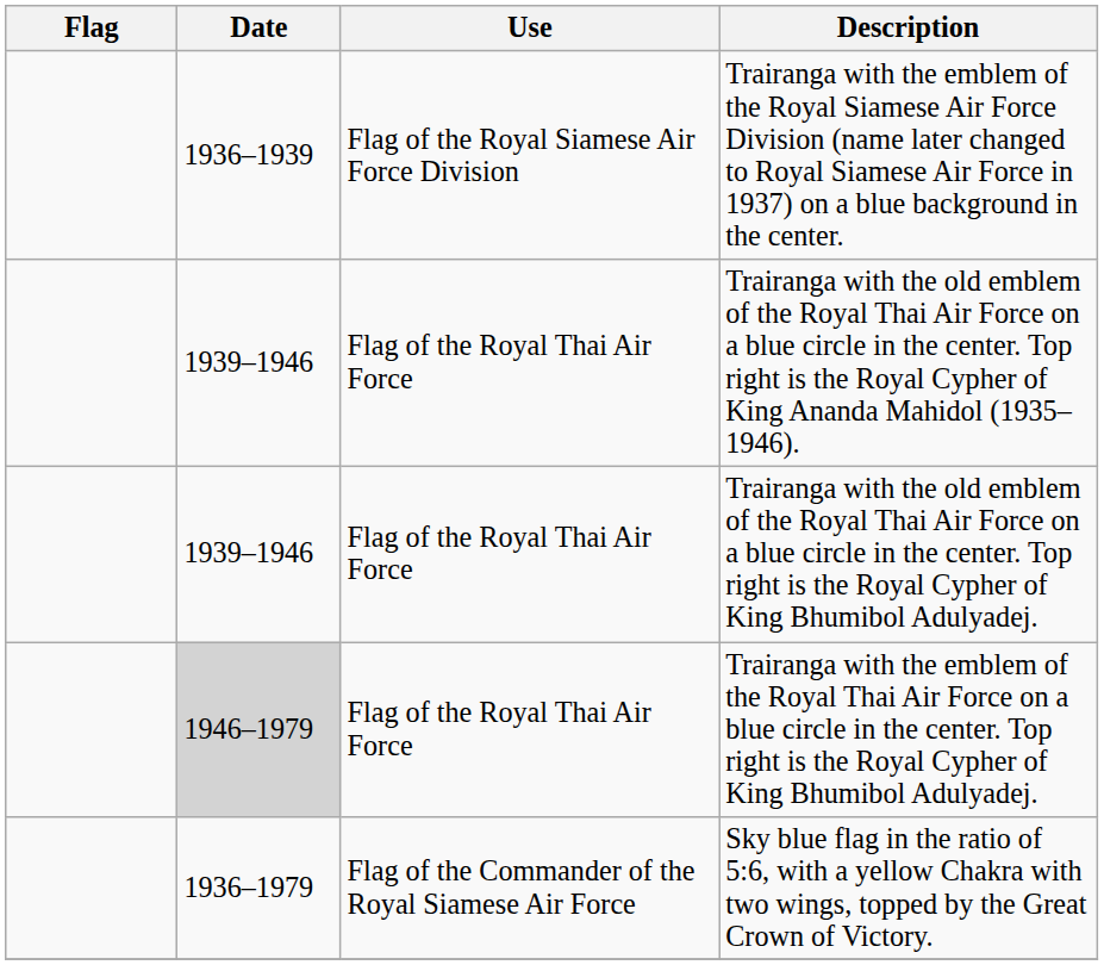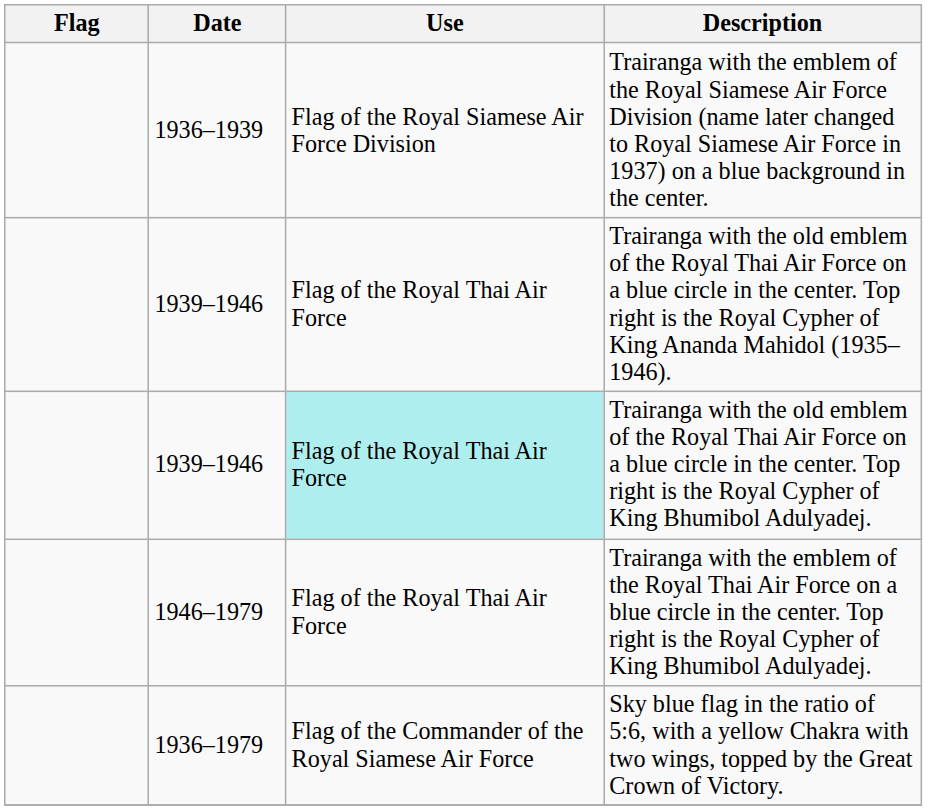 <table class="wikitable">
 <tr>
 <th width="110">Flag</th>
 <th width="100">Date</th>
 <th width="250">Use</th>
 <th width="250">Description</th>
 </tr>
 <tr>
 <td></td>
 <td>1936–1939</td>
 <td>Flag of the Royal Siamese Air Force Division</td>
 <td>Trairanga with the emblem of the Royal Siamese Air Force Division (name later changed to Royal Siamese Air Force in 1937) on a blue background in the center.</td>
 </tr>
 <tr>
 <td></td>
 <td>1939–1946</td>
 <td>Flag of the Royal Thai Air Force</td>
 <td>Trairanga with the old emblem of the Royal Thai Air Force on a blue circle in the center. Top right is the Royal Cypher of King Ananda Mahidol (1935–1946).</td>
 </tr>
 <tr>
 <td></td>
 <td>1939–1946</td>
-<td>Flag of the Royal Thai Air Force</td>
+<td style="background: paleturquoise;">Flag of the Royal Thai Air Force</td>
 <td>Trairanga with the old emblem of the Royal Thai Air Force on a blue circle in the center. Top right is the Royal Cypher of King Bhumibol Adulyadej.</td>
 </tr>
 <tr>
 <td></td>
-<td style="background: lightgrey;">1946–1979</td>
+<td>1946–1979</td>
 <td>Flag of the Royal Thai Air Force</td>
 <td>Trairanga with the emblem of the Royal Thai Air Force on a blue circle in the center. Top right is the Royal Cypher of King Bhumibol Adulyadej.</td>
 </tr>
 <tr>
 <td></td>
 <td>1936–1979</td>
 <td>Flag of the Commander of the Royal Siamese Air Force</td>
 <td>Sky blue flag in the ratio of 5:6, with a yellow Chakra with two wings, topped by the Great Crown of Victory.</td>
 </tr>
 <tr>
 </tr>
 </table>
